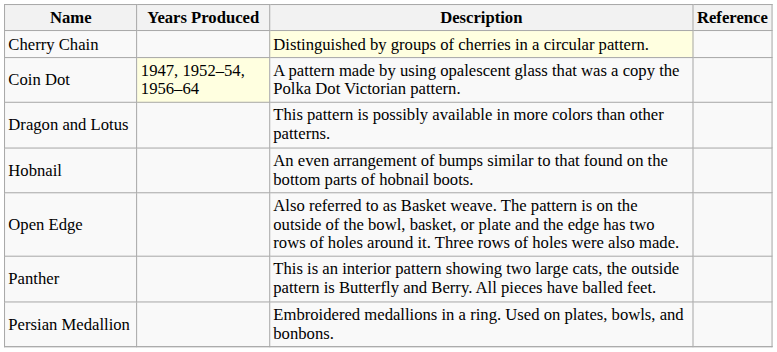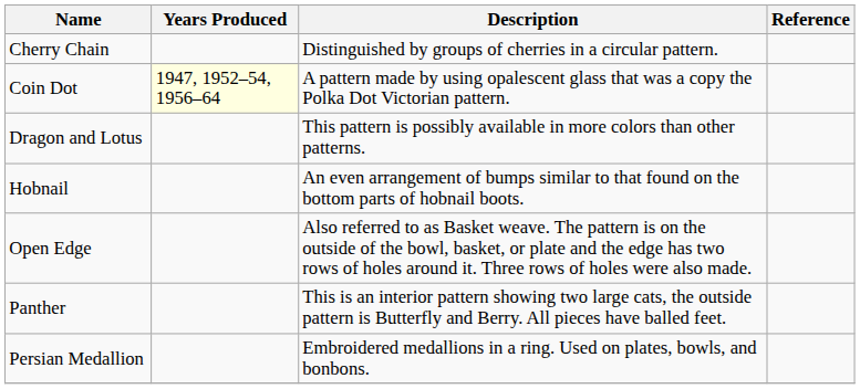 <table class="sortable wikitable">
 <tr>
 <th width="120">Name</th>
 <th width="120">Years Produced</th>
 <th width="400">Description</th>
 <th width="15">Reference</th>
 </tr>
 <tr>
 <td>Cherry Chain</td>
 <td></td>
-<td style="background: lightyellow;">Distinguished by groups of cherries in a circular pattern.</td>
+<td>Distinguished by groups of cherries in a circular pattern.</td>
 <td align="center"></td>
 </tr>
 <tr>
 <td>Coin Dot</td>
 <td style="background: lightyellow;">1947, 1952–54, 1956–64</td>
 <td>A pattern made by using opalescent glass that was a copy the Polka Dot Victorian pattern.</td>
 <td align="center"></td>
 </tr>
 <tr>
 <td>Dragon and Lotus</td>
 <td></td>
 <td>This pattern is possibly available in more colors than other patterns.</td>
 <td align="center"></td>
 </tr>
 <tr>
 <td>Hobnail</td>
 <td></td>
 <td>An even arrangement of bumps similar to that found on the bottom parts of hobnail boots.</td>
 <td align="center"></td>
 </tr>
 <tr>
 <td>Open Edge</td>
 <td></td>
 <td>Also referred to as Basket weave. The pattern is on the outside of the bowl, basket, or plate and the edge has two rows of holes around it. Three rows of holes were also made.</td>
 <td align="center"></td>
 </tr>
 <tr>
 <td>Panther</td>
 <td></td>
 <td>This is an interior pattern showing two large cats, the outside pattern is Butterfly and Berry. All pieces have balled feet.</td>
 <td align="center"></td>
 </tr>
 <tr>
 <td>Persian Medallion</td>
 <td></td>
 <td>Embroidered medallions in a ring. Used on plates, bowls, and bonbons.</td>
 <td align="center"></td>
 </tr>
 <tr>
 </tr>
 </table>
